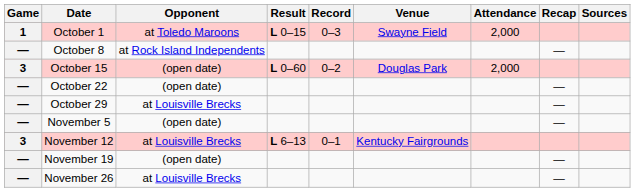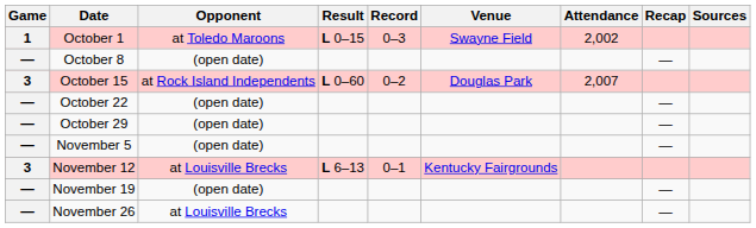 <table class="wikitable" style="text-align:center">
 <tr>
 <th>Game</th>
 <th>Date</th>
 <th>Opponent</th>
 <th>Result</th>
 <th>Record</th>
 <th>Venue</th>
 <th>Attendance</th>
 <th>Recap</th>
 <th>Sources</th>
 </tr>
 <tr style="background:#fcc">
 <th>1</th>
 <td>October 1</td>
 <td>at <a href='#'>Toledo Maroons</a></td>
 <td><strong>L</strong> 0–15</td>
 <td>0–3</td>
 <td><a href='#'>Swayne Field</a></td>
-<td>2,000</td>
+<td>2,002</td>
 <td></td>
 <td></td>
 </tr>
 <tr>
 <th>—</th>
 <td>October 8</td>
-<td>at <a href='#'>Rock Island Independents</a></td>
+<td>(open date)</td>
 <td></td>
 <td></td>
 <td></td>
 <td></td>
 <td>—</td>
 <td></td>
 </tr>
 <tr style="background:#fcc">
 <th>3</th>
 <td>October 15</td>
-<td>(open date)</td>
+<td>at <a href='#'>Rock Island Independents</a></td>
 <td><strong>L</strong> 0–60</td>
 <td>0–2</td>
 <td><a href='#'>Douglas Park</a></td>
-<td>2,000</td>
+<td>2,007</td>
 <td></td>
 <td></td>
 </tr>
 <tr>
 <th>—</th>
 <td>October 22</td>
 <td>(open date)</td>
 <td></td>
 <td></td>
 <td></td>
 <td></td>
 <td>—</td>
 <td></td>
 </tr>
 <tr>
 <th>—</th>
 <td>October 29</td>
-<td>at <a href='#'>Louisville Brecks</a></td>
+<td>(open date)</td>
 <td></td>
 <td></td>
 <td></td>
 <td></td>
 <td>—</td>
 <td></td>
 </tr>
 <tr>
 <th>—</th>
 <td>November 5</td>
 <td>(open date)</td>
 <td></td>
 <td></td>
 <td></td>
 <td></td>
 <td>—</td>
 <td></td>
 </tr>
 <tr style="background:#fcc">
 <th>3</th>
 <td>November 12</td>
 <td>at <a href='#'>Louisville Brecks</a></td>
 <td><strong>L</strong> 6–13</td>
 <td>0–1</td>
 <td><a href='#'>Kentucky Fairgrounds</a></td>
 <td></td>
 <td></td>
 <td></td>
 </tr>
 <tr>
 <th>—</th>
 <td>November 19</td>
 <td>(open date)</td>
 <td></td>
 <td></td>
 <td></td>
 <td></td>
 <td>—</td>
 <td></td>
 </tr>
 <tr>
 <th>—</th>
 <td>November 26</td>
 <td>at <a href='#'>Louisville Brecks</a></td>
 <td></td>
 <td></td>
 <td></td>
 <td></td>
 <td>—</td>
 <td></td>
 </tr>
 </table>
